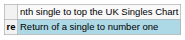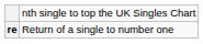 <table class="wikitable plainrowheaders" style="font-size:90%;">
 <tr>
 <th scope=col></th>
 <td>nth single to top the UK Singles Chart</td>
 </tr>
 <tr>
 <th scope=row style="text-align:center;">re</th>
-<td style="background: lightblue;">Return of a single to number one</td>
+<td>Return of a single to number one</td>
 </tr>
 </table>
